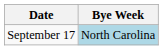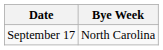 <table class="wikitable" style="font-size:95%;">
 <tr>
 <th>Date</th>
 <th colspan="3">Bye Week</th>
 </tr>
 <tr>
 <td>September 17</td>
-<td style="background: lightblue;">North Carolina</td>
+<td>North Carolina</td>
 </tr>
 </table>
